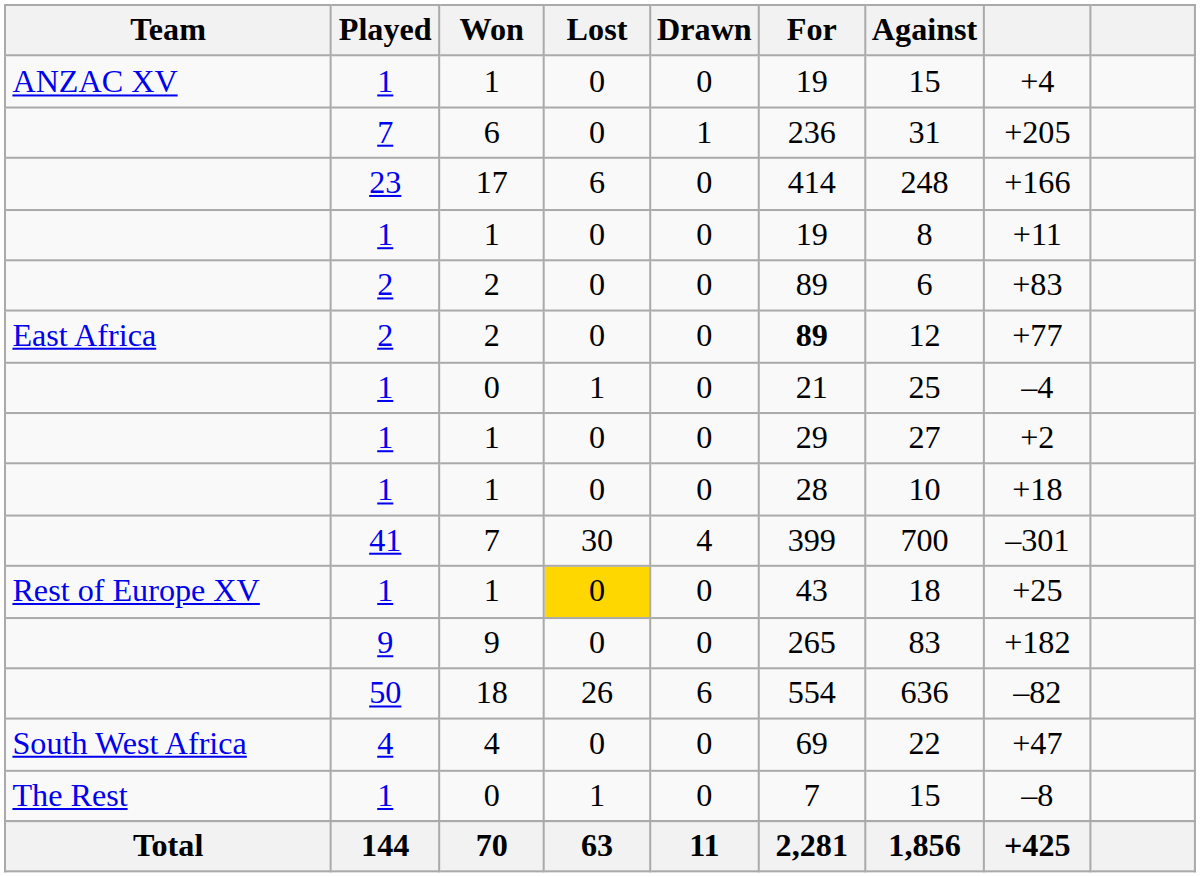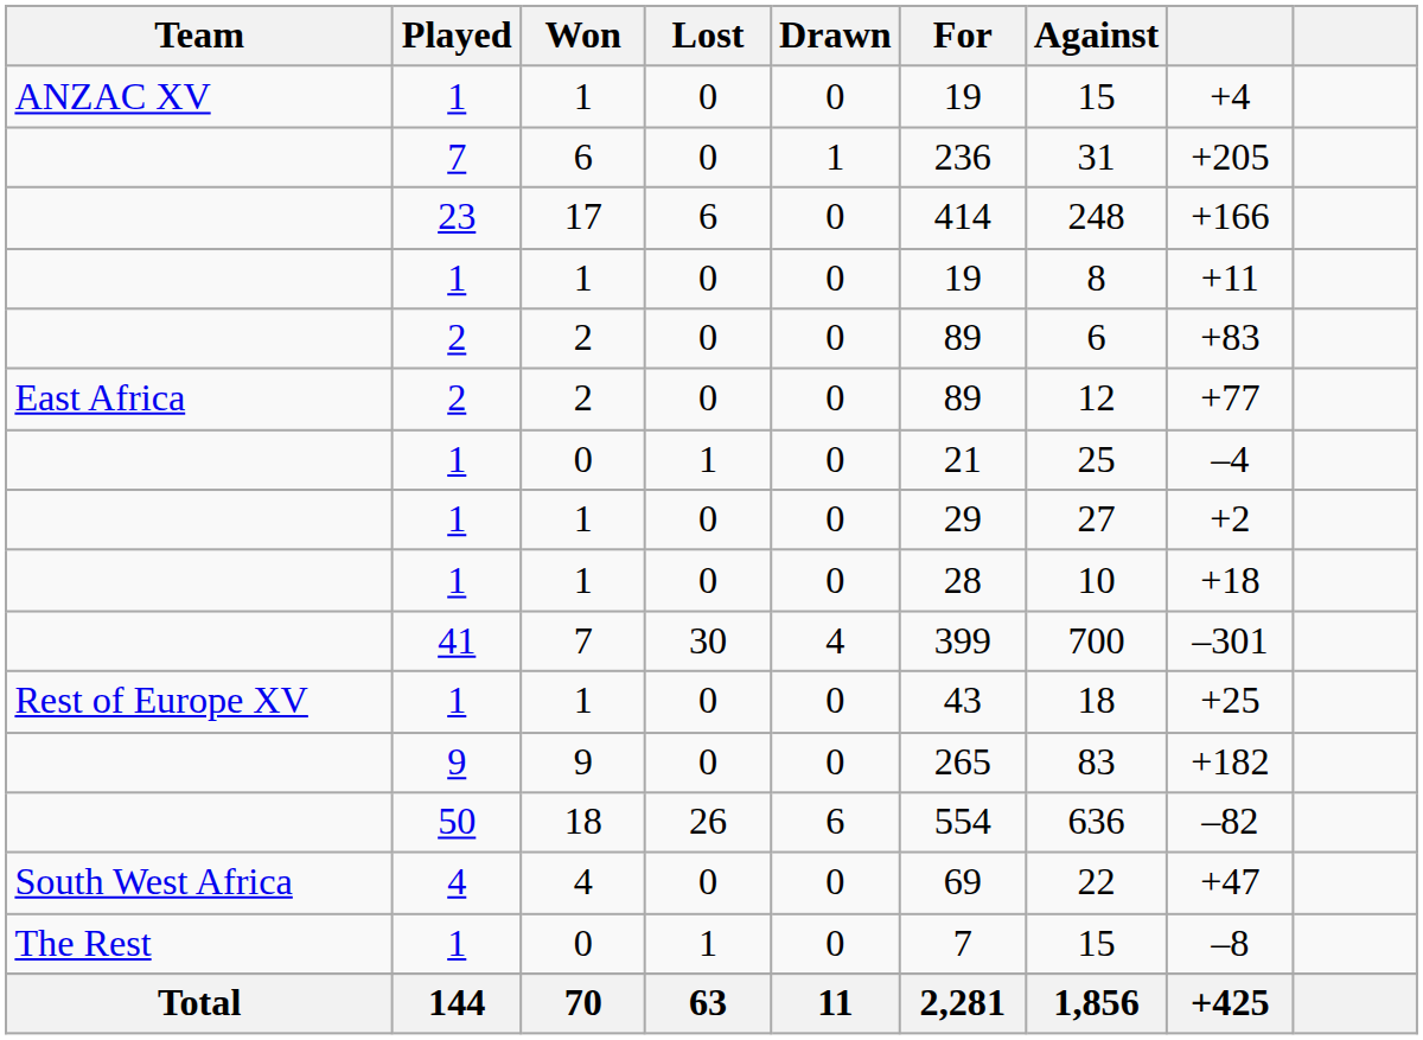 <table class="wikitable sortable" style="text-align:center">
 <tr>
 <th width=155px>Team</th>
 <th width=45px>Played</th>
 <th width=45px>Won</th>
 <th width=45px>Lost</th>
 <th width=45px>Drawn</th>
 <th width=45px>For</th>
 <th width=45px>Against</th>
 <th width=45px></th>
 <th width=45px></th>
 </tr>
 <tr>
 <td style="text-align:left"> <a href='#'>ANZAC XV</a></td>
 <td align=center><a href='#'>1</a></td>
 <td align=center>1</td>
 <td align=center>0</td>
 <td align=center>0</td>
 <td align=center>19</td>
 <td align=center>15</td>
 <td align=center>+4</td>
 <td align=center></td>
 </tr>
 <tr>
 <td style="text-align:left"></td>
 <td align=center><a href='#'>7</a></td>
 <td align=center>6</td>
 <td align=center>0</td>
 <td align=center>1</td>
 <td align=center>236</td>
 <td align=center>31</td>
 <td align=center>+205</td>
 <td align=center></td>
 </tr>
 <tr>
 <td style="text-align:left"></td>
 <td align=center><a href='#'>23</a></td>
 <td align=center>17</td>
 <td align=center>6</td>
 <td align=center>0</td>
 <td align=center>414</td>
 <td align=center>248</td>
 <td align=center>+166</td>
 <td align=center></td>
 </tr>
 <tr>
 <td style="text-align:left"></td>
 <td align=center><a href='#'>1</a></td>
 <td align=center>1</td>
 <td align=center>0</td>
 <td align=center>0</td>
 <td align=center>19</td>
 <td align=center>8</td>
 <td align=center>+11</td>
 <td align=center></td>
 </tr>
 <tr>
 <td style="text-align:left"></td>
 <td align=center><a href='#'>2</a></td>
 <td align=center>2</td>
 <td align=center>0</td>
 <td align=center>0</td>
 <td align=center>89</td>
 <td align=center>6</td>
 <td align=center>+83</td>
 <td align=center></td>
 </tr>
 <tr>
 <td style="text-align:left"> <a href='#'>East Africa</a></td>
 <td align=center><a href='#'>2</a></td>
 <td align=center>2</td>
 <td align=center>0</td>
 <td align=center>0</td>
-<td align=center><strong>89</strong></td>
+<td align=center>89</td>
 <td align=center>12</td>
 <td align=center>+77</td>
 <td align=center></td>
 </tr>
 <tr>
 <td style="text-align:left"></td>
 <td align=center><a href='#'>1</a></td>
 <td align=center>0</td>
 <td align=center>1</td>
 <td align=center>0</td>
 <td align=center>21</td>
 <td align=center>25</td>
 <td align=center>–4</td>
 <td align=center></td>
 </tr>
 <tr>
 <td style="text-align:left"></td>
 <td align=center><a href='#'>1</a></td>
 <td align=center>1</td>
 <td align=center>0</td>
 <td align=center>0</td>
 <td align=center>29</td>
 <td align=center>27</td>
 <td align=center>+2</td>
 <td align=center></td>
 </tr>
 <tr>
 <td style="text-align:left"></td>
 <td align=center><a href='#'>1</a></td>
 <td align=center>1</td>
 <td align=center>0</td>
 <td align=center>0</td>
 <td align=center>28</td>
 <td align=center>10</td>
 <td align=center>+18</td>
 <td align=center></td>
 </tr>
 <tr>
 <td style="text-align:left"></td>
 <td align=center><a href='#'>41</a></td>
 <td align=center>7</td>
 <td align=center>30</td>
 <td align=center>4</td>
 <td align=center>399</td>
 <td align=center>700</td>
 <td align=center>–301</td>
 <td align=center></td>
 </tr>
 <tr>
 <td style="text-align:left"><a href='#'>Rest of Europe XV</a></td>
 <td align=center><a href='#'>1</a></td>
 <td align=center>1</td>
-<td align=center style="background: gold;">0</td>
+<td align=center>0</td>
 <td align=center>0</td>
 <td align=center>43</td>
 <td align=center>18</td>
 <td align=center>+25</td>
 <td align=center></td>
 </tr>
 <tr>
 <td style="text-align:left"></td>
 <td align=center><a href='#'>9</a></td>
 <td align=center>9</td>
 <td align=center>0</td>
 <td align=center>0</td>
 <td align=center>265</td>
 <td align=center>83</td>
 <td align=center>+182</td>
 <td align=center></td>
 </tr>
 <tr>
 <td style="text-align:left"></td>
 <td align=center><a href='#'>50</a></td>
 <td align=center>18</td>
 <td align=center>26</td>
 <td align=center>6</td>
 <td align=center>554</td>
 <td align=center>636</td>
 <td align=center>–82</td>
 <td align=center></td>
 </tr>
 <tr>
 <td style="text-align:left"> <a href='#'>South West Africa</a></td>
 <td align=center><a href='#'>4</a></td>
 <td align=center>4</td>
 <td align=center>0</td>
 <td align=center>0</td>
 <td align=center>69</td>
 <td align=center>22</td>
 <td align=center>+47</td>
 <td align=center></td>
 </tr>
 <tr>
 <td style="text-align:left"><a href='#'>The Rest</a></td>
 <td align=center><a href='#'>1</a></td>
 <td align=center>0</td>
 <td align=center>1</td>
 <td align=center>0</td>
 <td align=center>7</td>
 <td align=center>15</td>
 <td align=center>–8</td>
 <td align=center></td>
 </tr>
 <tr>
 </tr>
 <tr class="sortbottom">
 <th>Total</th>
 <th>144</th>
 <th>70</th>
 <th>63</th>
 <th>11</th>
 <th>2,281</th>
 <th>1,856</th>
 <th>+425</th>
 <th></th>
 </tr>
 </table>
